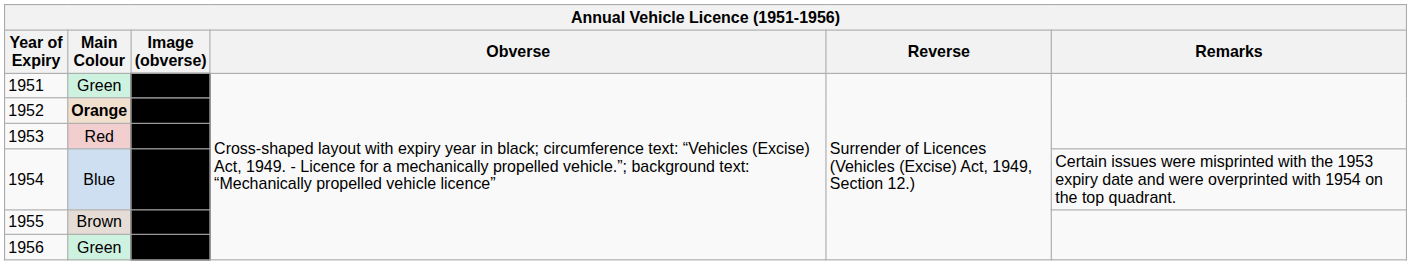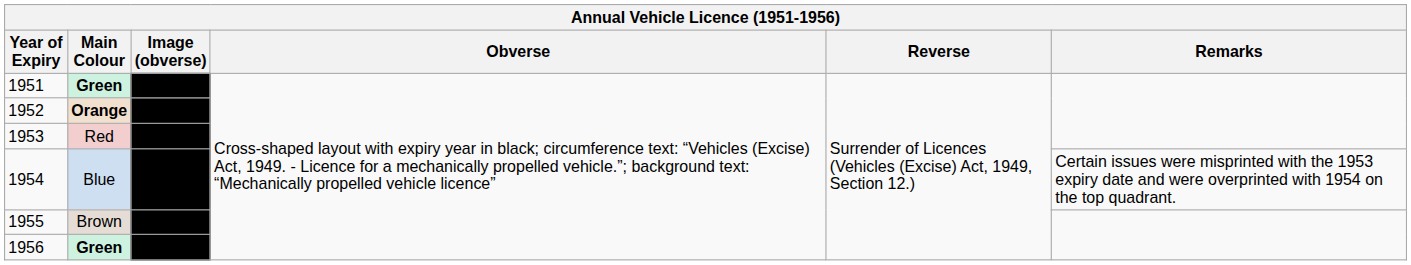 <table class="wikitable collapsible autocollapse" style="font-size: 90%; width: 100%">
 <tr>
 <th colspan="7">Annual Vehicle Licence (1951-1956)</th>
 </tr>
 <tr>
 <th style="width: 50px">Year of Expiry</th>
 <th style="width: 50px">Main Colour</th>
 <th style="width: 53px">Image (obverse)</th>
 <th>Obverse</th>
 <th>Reverse</th>
 <th>Remarks</th>
 </tr>
 <tr>
 <td>1951</td>
-<td align="center" bgcolor=#cef2e0>Green</td>
+<td align="center" bgcolor=#cef2e0><strong>Green</strong></td>
 <td bgcolor=#000></td>
 <td rowspan=6>Cross-shaped layout with expiry year in black; circumference text: “Vehicles (Excise) Act, 1949. - Licence for a mechanically propelled vehicle.”; background text: “Mechanically propelled vehicle licence”</td>
 <td rowspan=6>Surrender of Licences (Vehicles (Excise) Act, 1949, Section 12.)</td>
 <td rowspan=3></td>
 </tr>
 <tr>
 <td>1952</td>
 <td align="center" bgcolor=#f2e0ce><strong>Orange</strong></td>
 <td bgcolor=#000></td>
 </tr>
 <tr>
 <td>1953</td>
 <td align="center" bgcolor=#f2cece>Red</td>
 <td bgcolor=#000></td>
 </tr>
 <tr>
 <td>1954</td>
 <td align="center" bgcolor=#cedff2>Blue</td>
 <td bgcolor=#000></td>
 <td>Certain issues were misprinted with the 1953 expiry date and were overprinted with 1954 on the top quadrant.</td>
 </tr>
 <tr>
 <td>1955</td>
 <td align="center" bgcolor=#e5ddd5>Brown</td>
 <td bgcolor=#000></td>
 <td rowspan=2></td>
 </tr>
 <tr>
 <td>1956</td>
-<td align="center" bgcolor=#cef2e0>Green</td>
+<td align="center" bgcolor=#cef2e0><strong>Green</strong></td>
 <td bgcolor=#000></td>
 </tr>
 </table>
